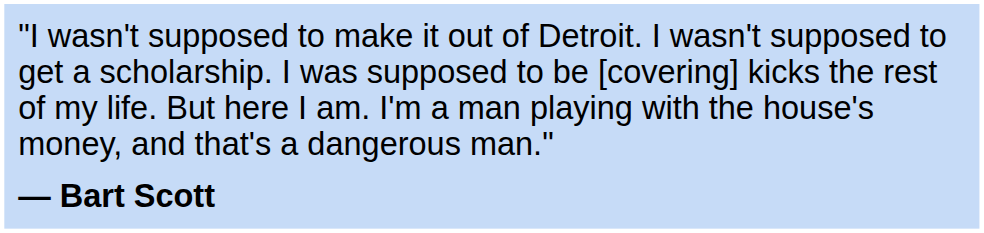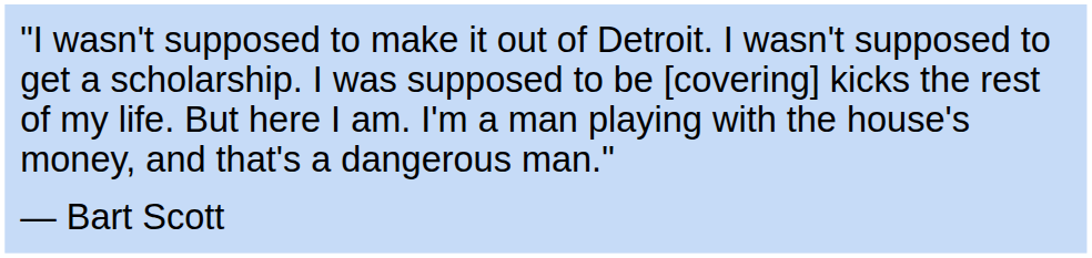 <table class="toccolours" style="float: right; margin-left: 1em; margin-right: 2em; font-size: 85%; background:#c6dbf7; color:black; width:30em; max-width: 40%;" cellspacing="5">
 <tr>
 <td style="text-align: left;">"I wasn't supposed to make it out of Detroit. I wasn't supposed to get a scholarship. I was supposed to be [covering] kicks the rest of my life. But here I am. I'm a man playing with the house's money, and that's a dangerous man."</td>
 </tr>
 <tr>
-<td style="text-align: left;"><strong>— Bart Scott</strong></td>
+<td style="text-align: left;">— Bart Scott</td>
 </tr>
 </table>
